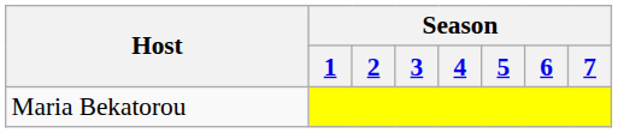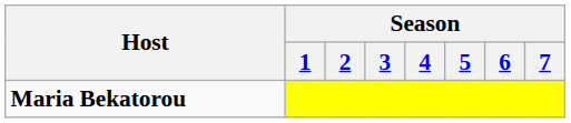 <table class="wikitable" width="30%">
 <tr>
 <th width="50%" rowspan="2">Host</th>
 <th colspan="7" text-align:center;>Season</th>
 </tr>
 <tr>
 <th><a href='#'>1</a></th>
 <th><a href='#'>2</a></th>
 <th><a href='#'>3</a></th>
 <th><a href='#'>4</a></th>
 <th><a href='#'>5</a></th>
 <th><a href='#'>6</a></th>
 <th><a href='#'>7</a></th>
 </tr>
 <tr>
-<td>Maria Bekatorou</td>
+<td><strong>Maria Bekatorou</strong></td>
 <td colspan="7" style="text-align:center; background:yellow;"></td>
 </tr>
 </table>
